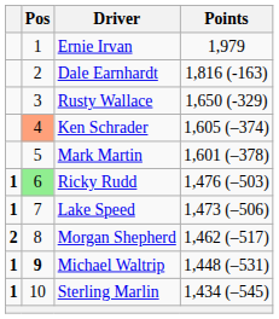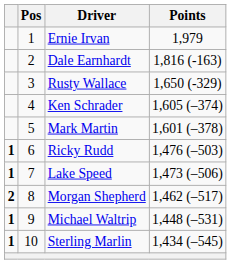 <table class="wikitable" style="font-size: 95%;">
 <tr>
 <th></th>
 <th>Pos</th>
 <th>Driver</th>
 <th>Points</th>
 </tr>
 <tr>
 <td align="left"></td>
 <td style="text-align:center;">1</td>
 <td><a href='#'>Ernie Irvan</a></td>
 <td style="text-align:center;">1,979</td>
 </tr>
 <tr>
 <td align="left"></td>
 <td style="text-align:center;">2</td>
 <td><a href='#'>Dale Earnhardt</a></td>
 <td style="text-align:center;">1,816 (-163)</td>
 </tr>
 <tr>
 <td align="left"></td>
 <td style="text-align:center;">3</td>
 <td><a href='#'>Rusty Wallace</a></td>
 <td style="text-align:center;">1,650 (-329)</td>
 </tr>
 <tr>
 <td align="left"></td>
-<td style="background: lightsalmon; text-align:center;">4</td>
+<td style="text-align:center;">4</td>
 <td><a href='#'>Ken Schrader</a></td>
 <td style="text-align:center;">1,605 (–374)</td>
 </tr>
 <tr>
 <td align="left"></td>
 <td style="text-align:center;">5</td>
 <td><a href='#'>Mark Martin</a></td>
 <td style="text-align:center;">1,601 (–378)</td>
 </tr>
 <tr>
 <td align="left"> <strong>1</strong></td>
-<td style="background: lightgreen; text-align:center;">6</td>
+<td style="text-align:center;">6</td>
 <td><a href='#'>Ricky Rudd</a></td>
 <td style="text-align:center;">1,476 (–503)</td>
 </tr>
 <tr>
 <td align="left"> <strong>1</strong></td>
 <td style="text-align:center;">7</td>
 <td><a href='#'>Lake Speed</a></td>
 <td style="text-align:center;">1,473 (–506)</td>
 </tr>
 <tr>
 <td align="left"> <strong>2</strong></td>
 <td style="text-align:center;">8</td>
 <td><a href='#'>Morgan Shepherd</a></td>
 <td style="text-align:center;">1,462 (–517)</td>
 </tr>
 <tr>
 <td align="left"> <strong>1</strong></td>
-<td style="text-align:center;"><strong>9</strong></td>
+<td style="text-align:center;">9</td>
 <td><a href='#'>Michael Waltrip</a></td>
 <td style="text-align:center;">1,448 (–531)</td>
 </tr>
 <tr>
 <td align="left"> <strong>1</strong></td>
 <td style="text-align:center;">10</td>
 <td><a href='#'>Sterling Marlin</a></td>
 <td style="text-align:center;">1,434 (–545)</td>
 </tr>
 <tr class="sortbottom">
 <th colspan="9"></th>
 </tr>
 </table>
